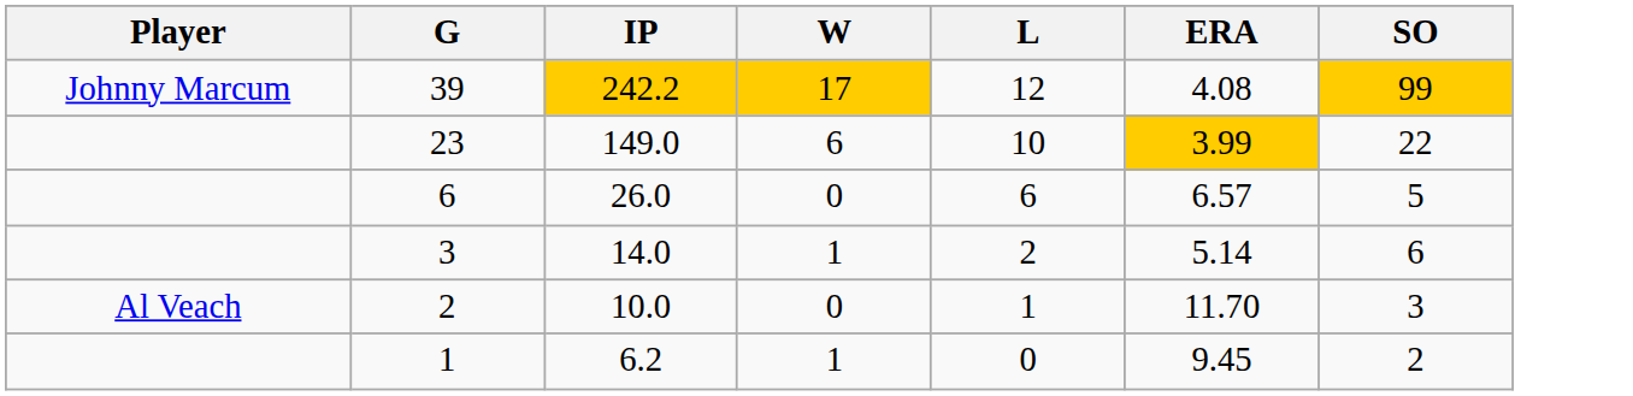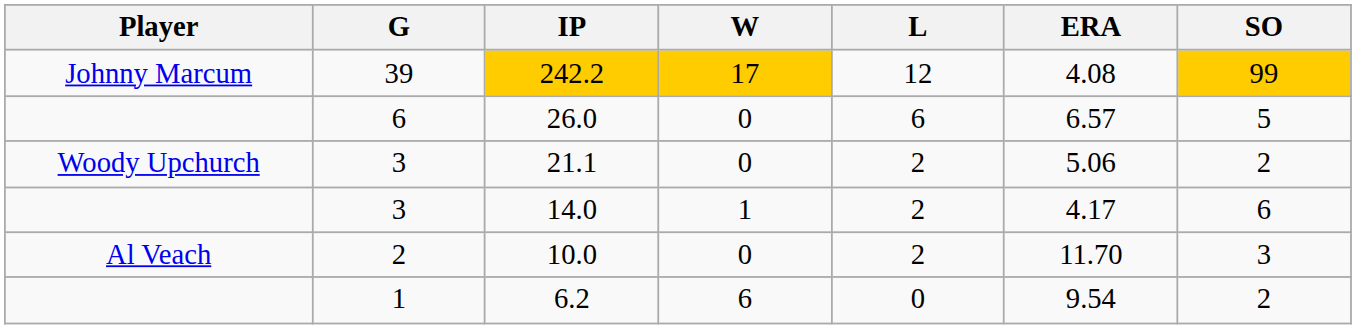 <table class="wikitable sortable">
 <tr>
 <th bgcolor="#DDDDFF" width="16%">Player</th>
 <th bgcolor="#DDDDFF" width="9%">G</th>
 <th bgcolor="#DDDDFF" width="9%">IP</th>
 <th bgcolor="#DDDDFF" width="9%">W</th>
 <th bgcolor="#DDDDFF" width="9%">L</th>
 <th bgcolor="#DDDDFF" width="9%">ERA</th>
 <th bgcolor="#DDDDFF" width="9%">SO</th>
 </tr>
 <tr align="center">
 <td><a href='#'>Johnny Marcum</a></td>
 <td>39</td>
 <td style="background:#fc0;">242.2</td>
 <td style="background:#fc0;">17</td>
 <td>12</td>
 <td>4.08</td>
 <td style="background:#fc0;">99</td>
 </tr>
-<tr align=center>
-<td></td>
-<td>23</td>
-<td>149.0</td>
-<td>6</td>
-<td>10</td>
-<td style="background:#fc0;">3.99</td>
-<td>22</td>
-</tr>
 <tr align="center">
 <td></td>
 <td>6</td>
 <td>26.0</td>
 <td>0</td>
 <td>6</td>
 <td>6.57</td>
 <td>5</td>
 </tr>
+<tr align="center">
+<td><a href='#'>Woody Upchurch</a></td>
+<td>3</td>
+<td>21.1</td>
+<td>0</td>
+<td>2</td>
+<td>5.06</td>
+<td>2</td>
+</tr>
 <tr align=center>
 <td></td>
 <td>3</td>
 <td>14.0</td>
 <td>1</td>
 <td>2</td>
-<td>5.14</td>
+<td>4.17</td>
 <td>6</td>
 </tr>
 <tr align="center">
 <td><a href='#'>Al Veach</a></td>
 <td>2</td>
 <td>10.0</td>
 <td>0</td>
-<td>1</td>
+<td>2</td>
 <td>11.70</td>
 <td>3</td>
 </tr>
 <tr align=center>
 <td></td>
 <td>1</td>
 <td>6.2</td>
-<td>1</td>
+<td>6</td>
 <td>0</td>
-<td>9.45</td>
+<td>9.54</td>
 <td>2</td>
 </tr>
 </table>
